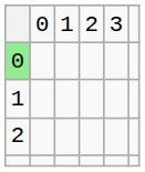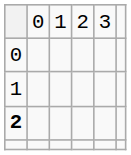 <table class="wikitable">
 <tr>
 <th></th>
 <td>0</td>
 <td>1</td>
 <td>2</td>
 <td>3</td>
 <td></td>
 </tr>
 <tr>
-<td style="background: lightgreen;">0</td>
+<td>0</td>
 <td></td>
 <td></td>
 <td></td>
 <td></td>
 <td></td>
 </tr>
 <tr>
 <td>1</td>
 <td></td>
 <td></td>
 <td></td>
 <td></td>
 <td></td>
 </tr>
 <tr>
-<td>2</td>
+<td><strong>2</strong></td>
 <td></td>
 <td></td>
 <td></td>
 <td></td>
 <td></td>
 </tr>
 <tr>
 <td></td>
 <td></td>
 <td></td>
 <td></td>
 <td></td>
 <td></td>
 </tr>
 </table>
